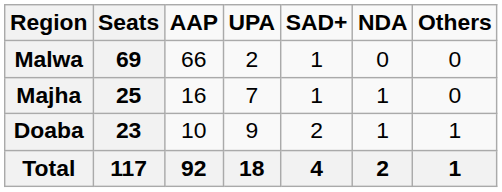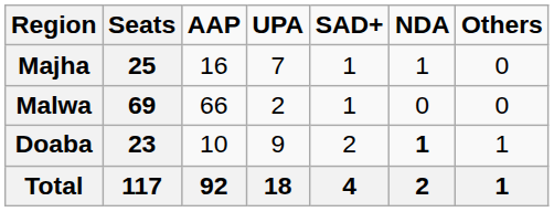 <table class="wikitable sortable" style="text-align:center;">
 <tr>
 <th>Region</th>
 <th>Seats</th>
 <td><span><strong>AAP</strong></span></td>
 <td><span><strong>UPA</strong></span></td>
 <td><span><strong>SAD+</strong></span></td>
 <td><span><strong>NDA</strong></span></td>
 <td><span><strong>Others</strong></span></td>
 </tr>
 <tr>
+<th>Majha</th>
+<th>25</th>
+<td style="background:">16</td>
+<td>7</td>
+<td>1</td>
+<td>1</td>
+<td>0</td>
+</tr>
+<tr>
 <th>Malwa</th>
 <th>69</th>
 <td style="background:">66</td>
 <td>2</td>
 <td>1</td>
 <td>0</td>
 <td>0</td>
 </tr>
 <tr>
-<th>Majha</th>
-<th>25</th>
-<td style="background:">16</td>
-<td>7</td>
-<td>1</td>
-<td>1</td>
-<td>0</td>
-</tr>
-<tr>
 <th>Doaba</th>
 <th>23</th>
 <td style="background:">10</td>
 <td>9</td>
 <td>2</td>
-<td>1</td>
+<td><strong>1</strong></td>
 <td>1</td>
 </tr>
 <tr>
 <th>Total</th>
 <th>117</th>
 <th>92</th>
 <th>18</th>
 <th>4</th>
 <th>2</th>
 <th>1</th>
 </tr>
 </table>
